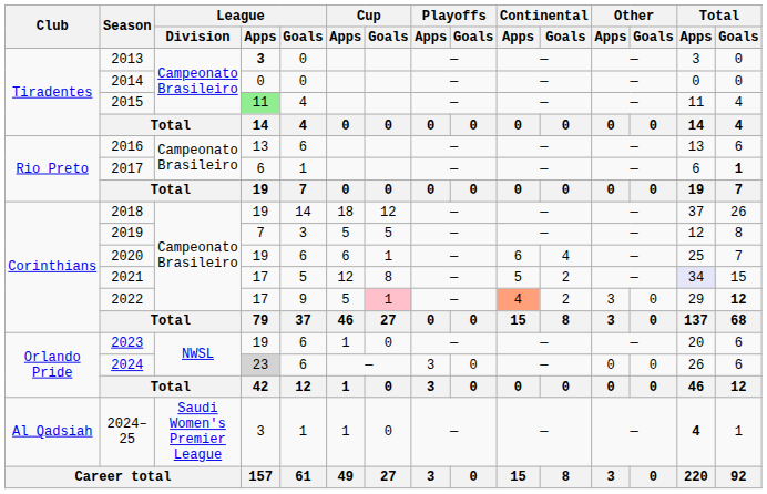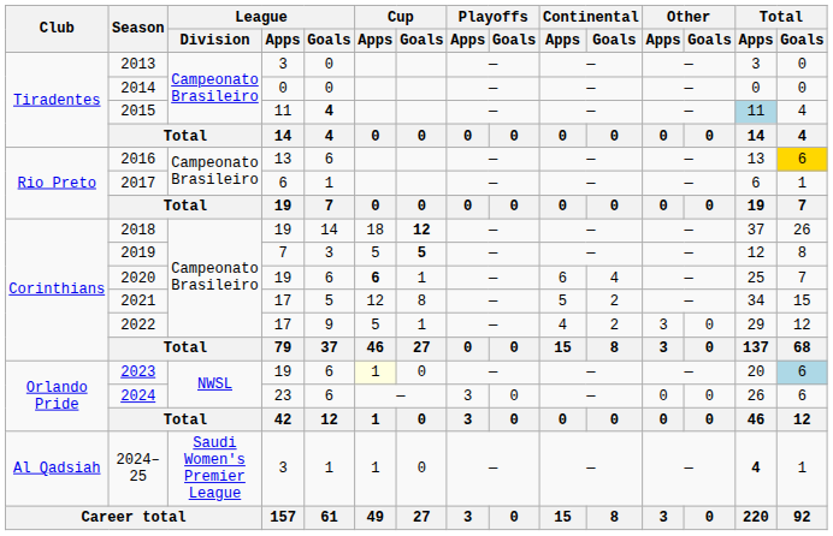 <table class="wikitable" style="text-align: center;">
 <tr>
 <th rowspan="2">Club</th>
 <th rowspan="2">Season</th>
 <th colspan="3">League</th>
 <th colspan="2">Cup</th>
 <th colspan="2">Playoffs</th>
 <th colspan="2">Continental</th>
 <th colspan="2">Other</th>
 <th colspan="2">Total</th>
 </tr>
 <tr>
 <th>Division</th>
 <th>Apps</th>
 <th>Goals</th>
 <th>Apps</th>
 <th>Goals</th>
 <th>Apps</th>
 <th>Goals</th>
 <th>Apps</th>
 <th>Goals</th>
 <th>Apps</th>
 <th>Goals</th>
 <th>Apps</th>
 <th>Goals</th>
 </tr>
 <tr>
 <td rowspan="4"><a href='#'>Tiradentes</a></td>
 <td>2013</td>
 <td rowspan="3"><a href='#'>Campeonato Brasileiro</a></td>
-<td><strong>3</strong></td>
+<td>3</td>
 <td>0</td>
 <td></td>
 <td></td>
 <td colspan="2">—</td>
 <td colspan="2">—</td>
 <td colspan="2">—</td>
 <td>3</td>
 <td>0</td>
 </tr>
 <tr>
 <td>2014</td>
 <td>0</td>
 <td>0</td>
 <td></td>
 <td></td>
 <td colspan="2">—</td>
 <td colspan="2">—</td>
 <td colspan="2">—</td>
 <td>0</td>
 <td>0</td>
 </tr>
 <tr>
 <td>2015</td>
-<td style="background: lightgreen;">11</td>
-<td>4</td>
+<td>11</td>
+<td><strong>4</strong></td>
 <td></td>
 <td></td>
 <td colspan="2">—</td>
 <td colspan="2">—</td>
 <td colspan="2">—</td>
-<td>11</td>
+<td style="background: lightblue;">11</td>
 <td>4</td>
 </tr>
 <tr>
 <th colspan="2">Total</th>
 <th>14</th>
 <th>4</th>
 <th>0</th>
 <th>0</th>
 <th>0</th>
 <th>0</th>
 <th>0</th>
 <th>0</th>
 <th>0</th>
 <th>0</th>
 <th>14</th>
 <th>4</th>
 </tr>
 <tr>
 <td rowspan="3"><a href='#'>Rio Preto</a></td>
 <td>2016</td>
 <td rowspan="2">Campeonato Brasileiro</td>
 <td>13</td>
 <td>6</td>
 <td></td>
 <td></td>
 <td colspan="2">—</td>
 <td colspan="2">—</td>
 <td colspan="2">—</td>
 <td>13</td>
-<td>6</td>
+<td style="background: gold;">6</td>
 </tr>
 <tr>
 <td>2017</td>
 <td>6</td>
 <td>1</td>
 <td></td>
 <td></td>
 <td colspan="2">—</td>
 <td colspan="2">—</td>
 <td colspan="2">—</td>
 <td>6</td>
-<td><strong>1</strong></td>
+<td>1</td>
 </tr>
 <tr>
 <th colspan="2">Total</th>
 <th>19</th>
 <th>7</th>
 <th>0</th>
 <th>0</th>
 <th>0</th>
 <th>0</th>
 <th>0</th>
 <th>0</th>
 <th>0</th>
 <th>0</th>
 <th>19</th>
 <th>7</th>
 </tr>
 <tr>
 <td rowspan="6"><a href='#'>Corinthians</a></td>
 <td>2018</td>
 <td rowspan="5">Campeonato Brasileiro</td>
 <td>19</td>
 <td>14</td>
 <td>18</td>
-<td>12</td>
+<td><strong>12</strong></td>
 <td colspan="2">—</td>
 <td colspan="2">—</td>
 <td colspan="2">—</td>
 <td>37</td>
 <td>26</td>
 </tr>
 <tr>
 <td>2019</td>
 <td>7</td>
 <td>3</td>
 <td>5</td>
-<td>5</td>
+<td><strong>5</strong></td>
 <td colspan="2">—</td>
 <td colspan="2">—</td>
 <td colspan="2">—</td>
 <td>12</td>
 <td>8</td>
 </tr>
 <tr>
 <td>2020</td>
 <td>19</td>
 <td>6</td>
-<td>6</td>
+<td><strong>6</strong></td>
 <td>1</td>
 <td colspan="2">—</td>
 <td>6</td>
 <td>4</td>
 <td colspan="2">—</td>
 <td>25</td>
 <td>7</td>
 </tr>
 <tr>
 <td>2021</td>
 <td>17</td>
 <td>5</td>
 <td>12</td>
 <td>8</td>
 <td colspan="2">—</td>
 <td>5</td>
 <td>2</td>
 <td colspan="2">—</td>
-<td style="background: lavender;">34</td>
+<td>34</td>
 <td>15</td>
 </tr>
 <tr>
 <td>2022</td>
 <td>17</td>
 <td>9</td>
 <td>5</td>
-<td style="background: pink;">1</td>
+<td>1</td>
 <td colspan="2">—</td>
-<td style="background: lightsalmon;">4</td>
+<td>4</td>
 <td>2</td>
 <td>3</td>
 <td>0</td>
 <td>29</td>
-<td><strong>12</strong></td>
+<td>12</td>
 </tr>
 <tr>
 <th colspan="2">Total</th>
 <th>79</th>
 <th>37</th>
 <th>46</th>
 <th>27</th>
 <th>0</th>
 <th>0</th>
 <th>15</th>
 <th>8</th>
 <th>3</th>
 <th>0</th>
 <th>137</th>
 <th>68</th>
 </tr>
 <tr>
 <td rowspan="3"><a href='#'>Orlando Pride</a></td>
 <td><a href='#'>2023</a></td>
 <td rowspan="2"><a href='#'>NWSL</a></td>
 <td>19</td>
 <td>6</td>
-<td>1</td>
+<td style="background: lightyellow;">1</td>
 <td>0</td>
 <td colspan="2">—</td>
 <td colspan="2">—</td>
 <td colspan="2">—</td>
 <td>20</td>
-<td>6</td>
+<td style="background: lightblue;">6</td>
 </tr>
 <tr>
 <td><a href='#'>2024</a></td>
-<td style="background: lightgrey;">23</td>
+<td>23</td>
 <td>6</td>
 <td colspan="2">—</td>
 <td>3</td>
 <td>0</td>
 <td colspan="2">—</td>
 <td>0</td>
 <td>0</td>
 <td>26</td>
 <td>6</td>
 </tr>
 <tr>
 <th colspan="2">Total</th>
 <th>42</th>
 <th>12</th>
 <th>1</th>
 <th>0</th>
 <th>3</th>
 <th>0</th>
 <th>0</th>
 <th>0</th>
 <th>0</th>
 <th>0</th>
 <th>46</th>
 <th>12</th>
 </tr>
 <tr>
 <td><a href='#'>Al Qadsiah</a></td>
 <td>2024–25</td>
 <td><a href='#'>Saudi Women's Premier League</a></td>
 <td>3</td>
 <td>1</td>
 <td>1</td>
 <td>0</td>
 <td colspan="2">—</td>
 <td colspan="2">—</td>
 <td colspan="2">—</td>
 <td><strong>4</strong></td>
 <td>1</td>
 </tr>
 <tr>
 <th colspan="3">Career total</th>
 <th>157</th>
 <th>61</th>
 <th>49</th>
 <th>27</th>
 <th>3</th>
 <th>0</th>
 <th>15</th>
 <th>8</th>
 <th>3</th>
 <th>0</th>
 <th>220</th>
 <th>92</th>
 </tr>
 </table>
